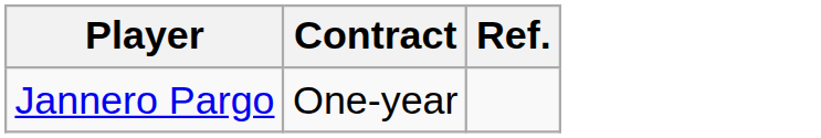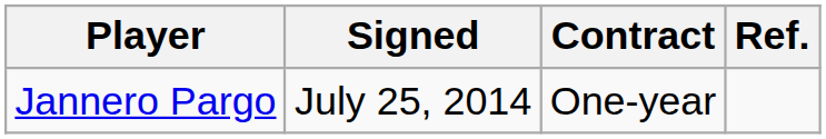 <table class="wikitable sortable sortable" style="text-align: center;">
 <tr>
 <th>Player</th>
+<th>Signed</th>
 <th>Contract</th>
 <th>Ref.</th>
 </tr>
 <tr>
 <td><a href='#'>Jannero Pargo</a></td>
+<td>July 25, 2014</td>
 <td>One-year</td>
 <td></td>
 </tr>
 </table>
